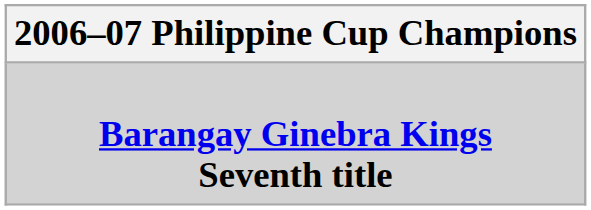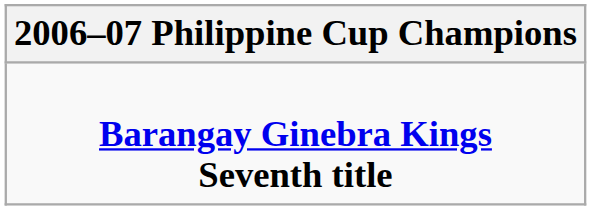 <table class=wikitable style="text-align:center; margin:auto">
 <tr>
 <th>2006–07 Philippine Cup Champions</th>
 </tr>
 <tr>
-<td style="background: lightgrey;"><br> <strong><a href='#'>Barangay Ginebra Kings</a></strong> <br> <strong>Seventh title</strong></td>
+<td><br> <strong><a href='#'>Barangay Ginebra Kings</a></strong> <br> <strong>Seventh title</strong></td>
 </tr>
 </table>
